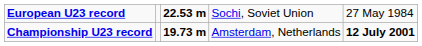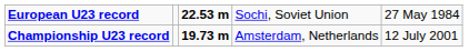 <table class="wikitable">
 <tr>
 <td><strong><a href='#'>European U23 record</a></strong></td>
 <td></td>
 <td><strong>22.53 m</strong></td>
 <td><a href='#'>Sochi</a>, Soviet Union</td>
 <td>27 May 1984</td>
 </tr>
 <tr>
 <td><strong><a href='#'>Championship U23 record</a></strong></td>
 <td></td>
 <td><strong>19.73 m</strong></td>
 <td><a href='#'>Amsterdam</a>, Netherlands</td>
-<td><strong>12 July 2001</strong></td>
+<td>12 July 2001</td>
 </tr>
 </table>
